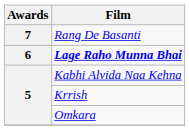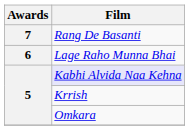 <table class="wikitable" style="display:inline-table;">
 <tr>
 <th>Awards</th>
 <th>Film</th>
 </tr>
 <tr>
 <th>7</th>
 <td><em><a href='#'>Rang De Basanti</a></em></td>
 </tr>
 <tr>
 <th>6</th>
-<td><strong><em><a href='#'>Lage Raho Munna Bhai</a></em></strong></td>
+<td><em><a href='#'>Lage Raho Munna Bhai</a></em></td>
 </tr>
 <tr>
 <th rowspan="3">5</th>
-<td><em><a href='#'>Kabhi Alvida Naa Kehna</a></em></td>
+<td style="background: lavender;"><em><a href='#'>Kabhi Alvida Naa Kehna</a></em></td>
 </tr>
 <tr>
 <td><em><a href='#'>Krrish</a></em></td>
 </tr>
 <tr>
 <td><em><a href='#'>Omkara</a></em></td>
 </tr>
 <tr>
 </tr>
 </table>
